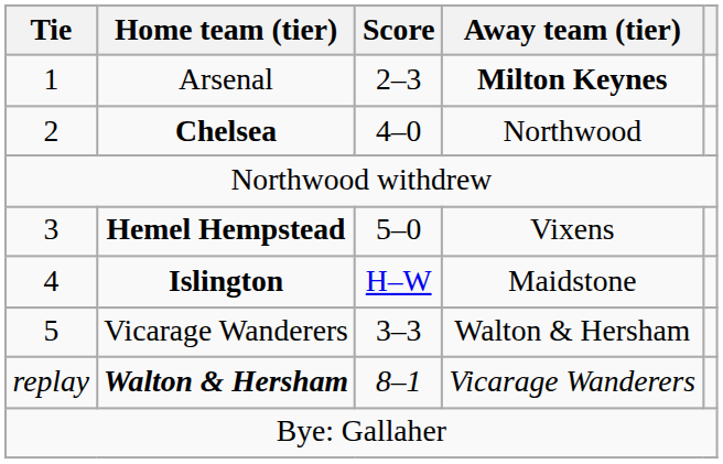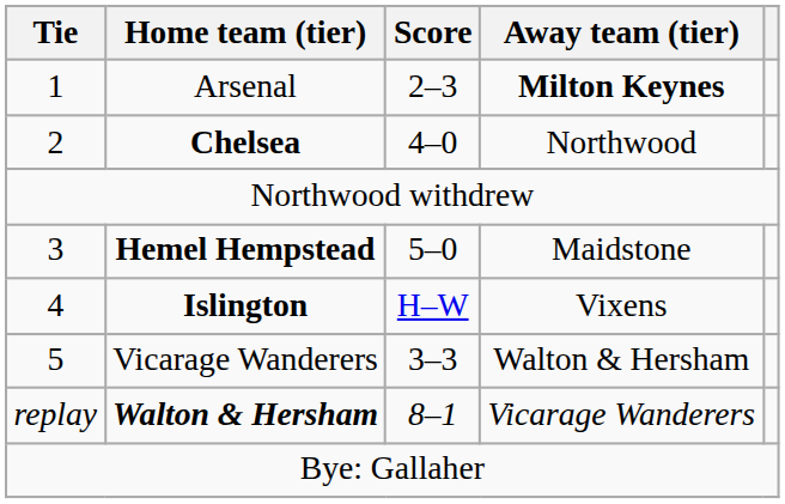 <table class="wikitable" style="text-align:center; font-size:85%">
 <tr>
 <th>Tie</th>
 <th>Home team (tier)</th>
 <th>Score</th>
 <th>Away team (tier)</th>
 <th></th>
 </tr>
 <tr>
 <td align="center">1</td>
 <td>Arsenal</td>
 <td align="center">2–3</td>
 <td><strong>Milton Keynes</strong></td>
 <td></td>
 </tr>
 <tr>
 <td align="center">2</td>
 <td><strong>Chelsea</strong></td>
 <td align="center">4–0</td>
 <td>Northwood</td>
 <td></td>
 </tr>
 <tr>
 <td colspan="5" align="center">Northwood withdrew</td>
 </tr>
 <tr>
 <td align="center">3</td>
 <td><strong>Hemel Hempstead</strong></td>
 <td align="center">5–0</td>
-<td>Vixens</td>
+<td>Maidstone</td>
 <td></td>
 </tr>
 <tr>
 <td align="center">4</td>
 <td><strong>Islington</strong></td>
 <td align="center"><a href='#'>H–W</a></td>
-<td>Maidstone</td>
+<td>Vixens</td>
 <td></td>
 </tr>
 <tr>
 <td align="center">5</td>
 <td>Vicarage Wanderers</td>
 <td align="center">3–3</td>
 <td>Walton & Hersham</td>
 <td></td>
 </tr>
 <tr>
 <td align="center"><em>replay</em></td>
 <td><strong><em>Walton & Hersham</em></strong></td>
 <td align="center"><em>8–1</em></td>
 <td><em>Vicarage Wanderers</em></td>
 <td></td>
 </tr>
 <tr>
 <td colspan="5" align="center">Bye: Gallaher</td>
 </tr>
 </table>
